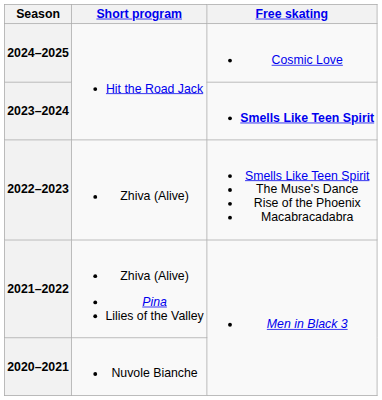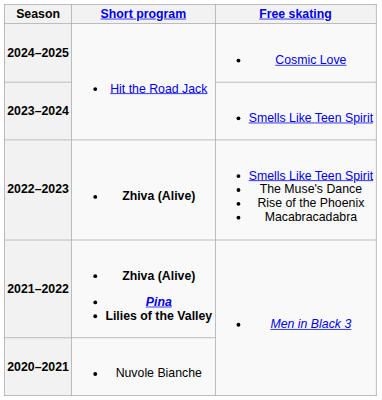 <table class=wikitable style=text-align:center>
 <tr>
 <th>Season</th>
 <th><a href='#'>Short program</a></th>
 <th><a href='#'>Free skating</a></th>
 </tr>
 <tr>
 <th>2024–2025 <br> </th>
 <td rowspan=2><br><ul><li><a href='#'>Hit the Road Jack</a> <br> </li></ul></td>
 <td><br><ul><li><a href='#'>Cosmic Love</a> <br></li></ul></td>
 </tr>
 <tr>
 <th>2023–2024 <br> </th>
-<td><strong><br><ul><li><a href='#'>Smells Like Teen Spirit</a> <br></li></ul></strong></td>
+<td><br><ul><li><a href='#'>Smells Like Teen Spirit</a> <br></li></ul></td>
 </tr>
 <tr>
 <th>2022–2023 <br> </th>
-<td><br><ul><li>Zhiva (Alive) <br> </li></ul></td>
+<td><strong><br><ul><li>Zhiva (Alive) <br> </li></ul></strong></td>
 <td><br><ul><li><a href='#'>Smells Like Teen Spirit</a> <br></li><li>The Muse's Dance <br></li><li>Rise of the Phoenix <br></li><li>Macabracadabra <br></li></ul></td>
 </tr>
 <tr>
 <th>2021–2022 <br> </th>
-<td><br><ul><li>Zhiva (Alive) <br> </li></ul><ul><li><em><a href='#'>Pina</a></em> <br></li><li>Lilies of the Valley <br> </li></ul></td>
+<td><strong><br><ul><li>Zhiva (Alive) <br> </li></ul><ul><li><em><a href='#'>Pina</a></em> <br></li><li>Lilies of the Valley <br> </li></ul></strong></td>
 <td rowspan=2><br><ul><li><em><a href='#'>Men in Black 3</a></em> <br></li></ul></td>
 </tr>
 <tr>
 <th>2020–2021 <br> </th>
 <td><br><ul><li>Nuvole Bianche <br></li></ul></td>
 </tr>
 </table>
